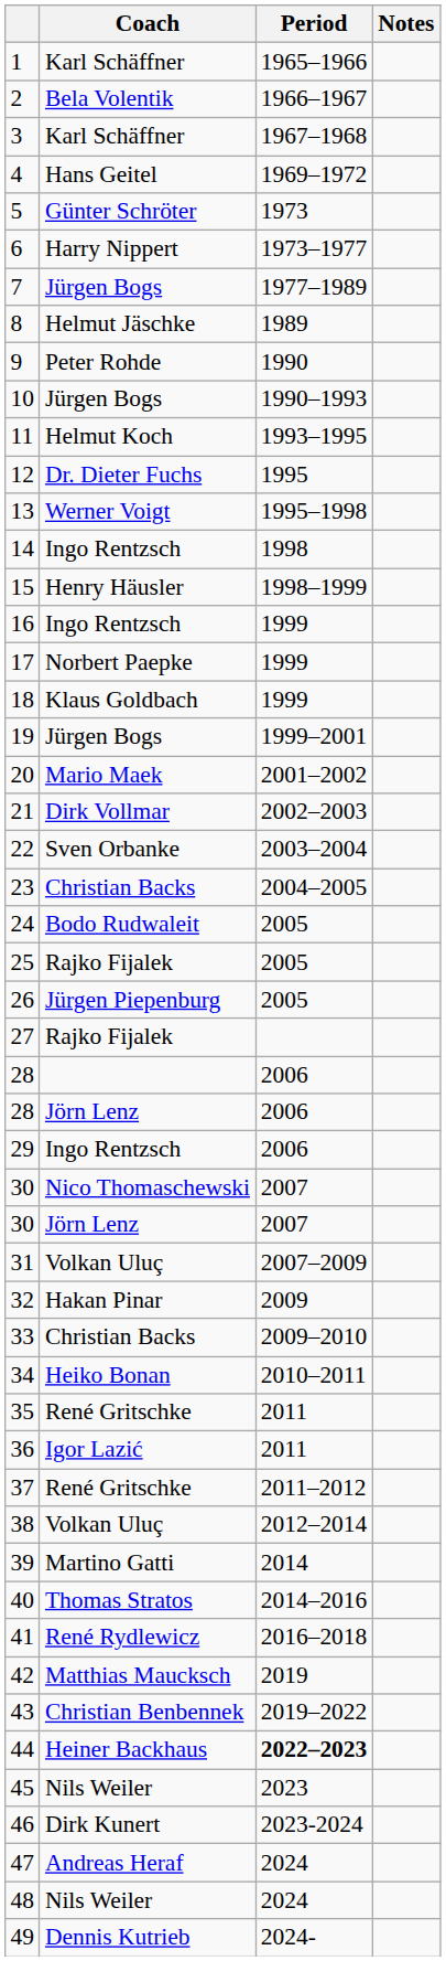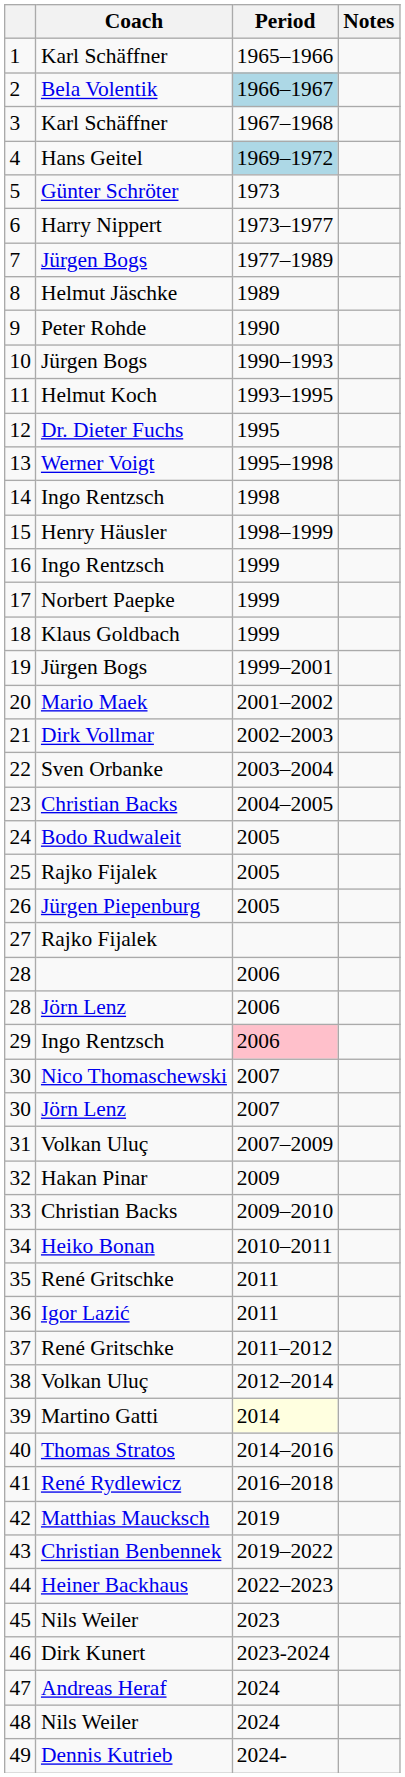 <table class="wikitable" style="text-align: center;">
 <tr>
 <th></th>
 <th>Coach</th>
 <th>Period</th>
 <th class="unsortable">Notes</th>
 </tr>
 <tr>
 <td align=left>1</td>
 <td align=left> Karl Schäffner</td>
 <td align=left>1965–1966</td>
 <td align=left></td>
 </tr>
 <tr>
 <td align=left>2</td>
 <td align=left> <a href='#'>Bela Volentik</a></td>
-<td align=left>1966–1967</td>
+<td align=left style="background: lightblue;">1966–1967</td>
 <td align=left></td>
 </tr>
 <tr>
 <td align=left>3</td>
 <td align=left> Karl Schäffner</td>
 <td align=left>1967–1968</td>
 <td align=left></td>
 </tr>
 <tr>
 <td align=left>4</td>
 <td align=left> Hans Geitel</td>
-<td align=left>1969–1972</td>
+<td align=left style="background: lightblue;">1969–1972</td>
 <td align=left></td>
 </tr>
 <tr>
 <td align=left>5</td>
 <td align=left> <a href='#'>Günter Schröter</a></td>
 <td align=left>1973</td>
 <td align=left></td>
 </tr>
 <tr>
 <td align=left>6</td>
 <td align=left> Harry Nippert</td>
 <td align=left>1973–1977</td>
 <td align=left></td>
 </tr>
 <tr>
 <td align=left>7</td>
 <td align=left> <a href='#'>Jürgen Bogs</a></td>
 <td align=left>1977–1989</td>
 <td align=left></td>
 </tr>
 <tr>
 <td align=left>8</td>
 <td align=left> Helmut Jäschke</td>
 <td align=left>1989</td>
 <td align=left></td>
 </tr>
 <tr>
 <td align=left>9</td>
 <td align=left> Peter Rohde</td>
 <td align=left>1990</td>
 <td align=left></td>
 </tr>
 <tr>
 <td align=left>10</td>
 <td align=left> Jürgen Bogs</td>
 <td align=left>1990–1993</td>
 <td align=left></td>
 </tr>
 <tr>
 <td align=left>11</td>
 <td align=left> Helmut Koch</td>
 <td align=left>1993–1995</td>
 <td align=left></td>
 </tr>
 <tr>
 <td align=left>12</td>
 <td align=left> <a href='#'>Dr. Dieter Fuchs</a></td>
 <td align=left>1995</td>
 <td align=left></td>
 </tr>
 <tr>
 <td align=left>13</td>
 <td align=left> <a href='#'>Werner Voigt</a></td>
 <td align=left>1995–1998</td>
 <td align=left></td>
 </tr>
 <tr>
 <td align=left>14</td>
 <td align=left> Ingo Rentzsch</td>
 <td align=left>1998</td>
 <td align=left></td>
 </tr>
 <tr>
 <td align=left>15</td>
 <td align=left> Henry Häusler</td>
 <td align=left>1998–1999</td>
 <td align=left></td>
 </tr>
 <tr>
 <td align=left>16</td>
 <td align=left> Ingo Rentzsch</td>
 <td align=left>1999</td>
 <td align=left></td>
 </tr>
 <tr>
 <td align=left>17</td>
 <td align=left> Norbert Paepke</td>
 <td align=left>1999</td>
 <td align=left></td>
 </tr>
 <tr>
 <td align=left>18</td>
 <td align=left> Klaus Goldbach</td>
 <td align=left>1999</td>
 <td align=left></td>
 </tr>
 <tr>
 <td align=left>19</td>
 <td align=left> Jürgen Bogs</td>
 <td align=left>1999–2001</td>
 <td align=left></td>
 </tr>
 <tr>
 <td align=left>20</td>
 <td align=left> <a href='#'>Mario Maek</a></td>
 <td align=left>2001–2002</td>
 <td align=left></td>
 </tr>
 <tr>
 <td align=left>21</td>
 <td align=left> <a href='#'>Dirk Vollmar</a></td>
 <td align=left>2002–2003</td>
 <td align=left></td>
 </tr>
 <tr>
 <td align=left>22</td>
 <td align=left> Sven Orbanke</td>
 <td align=left>2003–2004</td>
 <td align=left></td>
 </tr>
 <tr>
 <td align=left>23</td>
 <td align=left> <a href='#'>Christian Backs</a></td>
 <td align=left>2004–2005</td>
 <td align=left></td>
 </tr>
 <tr>
 <td align=left>24</td>
 <td align=left> <a href='#'>Bodo Rudwaleit</a></td>
 <td align=left>2005</td>
 <td align=left></td>
 </tr>
 <tr>
 <td align=left>25</td>
 <td align=left> Rajko Fijalek</td>
 <td align=left>2005</td>
 <td align=left></td>
 </tr>
 <tr>
 <td align=left>26</td>
 <td align=left> <a href='#'>Jürgen Piepenburg</a></td>
 <td align=left>2005</td>
 <td align=left></td>
 </tr>
 <tr>
 <td align=left>27</td>
 <td align=left> Rajko Fijalek</td>
 <td align=left></td>
 <td align=left></td>
 </tr>
 <tr>
 <td align=left>28</td>
 <td align=left></td>
 <td align=left>2006</td>
 <td align=left></td>
 </tr>
 <tr>
 <td align=left>28</td>
 <td align=left> <a href='#'>Jörn Lenz</a></td>
 <td align=left>2006</td>
 <td align=left></td>
 </tr>
 <tr>
 <td align=left>29</td>
 <td align=left> Ingo Rentzsch</td>
-<td align=left>2006</td>
+<td align=left style="background: pink;">2006</td>
 <td align=left></td>
 </tr>
 <tr>
 <td align=left>30</td>
 <td align=left> <a href='#'>Nico Thomaschewski</a></td>
 <td align=left>2007</td>
 <td align=left></td>
 </tr>
 <tr>
 <td align=left>30</td>
 <td align=left> <a href='#'>Jörn Lenz</a></td>
 <td align=left>2007</td>
 <td align=left></td>
 </tr>
 <tr>
 <td align=left>31</td>
 <td align=left> Volkan Uluç</td>
 <td align=left>2007–2009</td>
 <td align=left></td>
 </tr>
 <tr>
 <td align=left>32</td>
 <td align=left> Hakan Pinar</td>
 <td align=left>2009</td>
 <td align=left></td>
 </tr>
 <tr>
 <td align=left>33</td>
 <td align=left> Christian Backs</td>
 <td align=left>2009–2010</td>
 <td align=left></td>
 </tr>
 <tr>
 <td align=left>34</td>
 <td align=left> <a href='#'>Heiko Bonan</a></td>
 <td align=left>2010–2011</td>
 <td align=left></td>
 </tr>
 <tr>
 <td align=left>35</td>
 <td align=left> René Gritschke</td>
 <td align=left>2011</td>
 <td align=left></td>
 </tr>
 <tr>
 <td align=left>36</td>
 <td align=left> <a href='#'>Igor Lazić</a></td>
 <td align=left>2011</td>
 <td align=left></td>
 </tr>
 <tr>
 <td align=left>37</td>
 <td align=left> René Gritschke</td>
 <td align=left>2011–2012</td>
 <td align=left></td>
 </tr>
 <tr>
 <td align=left>38</td>
 <td align=left> Volkan Uluç</td>
 <td align=left>2012–2014</td>
 <td align=left></td>
 </tr>
 <tr>
 <td align=left>39</td>
 <td align=left> Martino Gatti</td>
-<td align=left>2014</td>
+<td align=left style="background: lightyellow;">2014</td>
 <td align=left></td>
 </tr>
 <tr>
 <td align=left>40</td>
 <td align=left> <a href='#'>Thomas Stratos</a></td>
 <td align=left>2014–2016</td>
 <td align=left></td>
 </tr>
 <tr>
 <td align=left>41</td>
 <td align=left> <a href='#'>René Rydlewicz</a></td>
 <td align=left>2016–2018</td>
 <td align=left></td>
 </tr>
 <tr>
 <td align=left>42</td>
 <td align=left> <a href='#'>Matthias Maucksch</a></td>
 <td align=left>2019</td>
 <td align=left></td>
 </tr>
 <tr>
 <td align=left>43</td>
 <td align=left> <a href='#'>Christian Benbennek</a></td>
 <td align=left>2019–2022</td>
 <td align=left></td>
 </tr>
 <tr>
 <td align=left>44</td>
 <td align=left> <a href='#'>Heiner Backhaus</a></td>
-<td align=left><strong>2022–2023</strong></td>
+<td align=left>2022–2023</td>
 <td align=left></td>
 </tr>
 <tr>
 <td align=left>45</td>
 <td align=left> Nils Weiler</td>
 <td align=left>2023</td>
 <td align=left></td>
 </tr>
 <tr>
 <td align=left>46</td>
 <td align=left> Dirk Kunert</td>
 <td align=left>2023-2024</td>
 <td align=left></td>
 </tr>
 <tr>
 <td align=left>47</td>
 <td align=left> <a href='#'>Andreas Heraf</a></td>
 <td align=left>2024</td>
 <td align=left></td>
 </tr>
 <tr>
 <td align=left>48</td>
 <td align=left> Nils Weiler</td>
 <td align=left>2024</td>
 <td align=left></td>
 </tr>
 <tr>
 <td align=left>49</td>
 <td align=left> <a href='#'>Dennis Kutrieb</a></td>
 <td align=left>2024-</td>
 <td align=left></td>
 </tr>
 <tr>
 </tr>
 </table>
